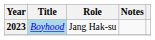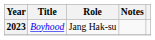 <table class="wikitable sortable plainrowheaders">
 <tr>
 <th scope="col">Year</th>
 <th scope="col">Title</th>
 <th scope="col">Role</th>
 <th scope="col" class="unsortable">Notes</th>
 <th scope="col" class="unsortable"></th>
 </tr>
 <tr>
 <th scope="row">2023</th>
-<td style="background: lightblue;"><em><a href='#'>Boyhood</a></em></td>
+<td><em><a href='#'>Boyhood</a></em></td>
 <td>Jang Hak-su</td>
 <td></td>
 <td></td>
 </tr>
 <tr>
 </tr>
 </table>
